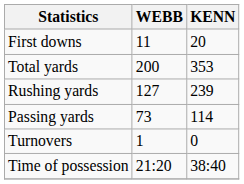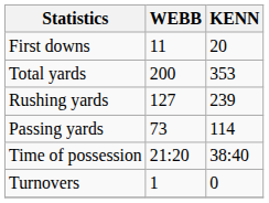 <table class="wikitable">
 <tr>
 <th>Statistics</th>
 <th>WEBB</th>
 <th>KENN</th>
 </tr>
 <tr>
 <td>First downs</td>
 <td>11</td>
 <td>20</td>
 </tr>
 <tr>
 <td>Total yards</td>
 <td>200</td>
 <td>353</td>
 </tr>
 <tr>
 <td>Rushing yards</td>
 <td>127</td>
 <td>239</td>
 </tr>
 <tr>
 <td>Passing yards</td>
 <td>73</td>
 <td>114</td>
 </tr>
 <tr>
+<td>Time of possession</td>
+<td>21:20</td>
+<td>38:40</td>
+</tr>
+<tr>
 <td>Turnovers</td>
 <td>1</td>
 <td>0</td>
 </tr>
 <tr>
-<td>Time of possession</td>
-<td>21:20</td>
-<td>38:40</td>
-</tr>
-<tr>
 </tr>
 </table>
